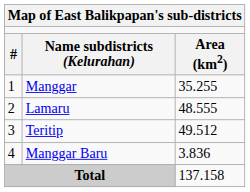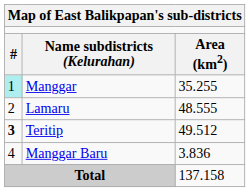 <table class="wikitable">
 <tr>
 <th colspan="3">Map of East Balikpapan's sub-districts</th>
 </tr>
 <tr>
 <td colspan="3"></td>
 </tr>
 <tr>
 <th>#</th>
 <th>Name subdistricts<br><em>(Kelurahan)</em></th>
 <th>Area<br>(km<sup>2</sup>) </th>
 </tr>
 <tr>
-<td>1</td>
+<td style="background: paleturquoise;">1</td>
 <td><a href='#'>Manggar</a></td>
 <td>35.255</td>
 </tr>
 <tr>
 <td>2</td>
 <td><a href='#'>Lamaru</a></td>
 <td>48.555</td>
 </tr>
 <tr>
-<td>3</td>
+<td><strong>3</strong></td>
 <td><a href='#'>Teritip</a></td>
 <td>49.512</td>
 </tr>
 <tr>
 <td>4</td>
 <td><a href='#'>Manggar Baru</a></td>
 <td>3.836</td>
 </tr>
 <tr>
 <td colspan="2" align="center" style="background:#CCCCCC;"><strong>Total</strong></td>
 <td>137.158</td>
 </tr>
 </table>
